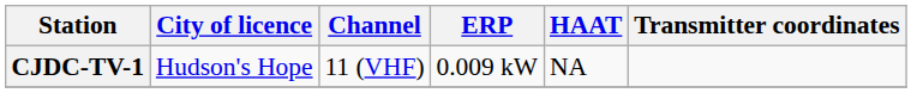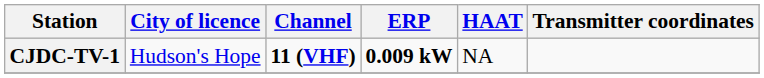 <table class="wikitable">
 <tr>
 <th scope = "col">Station</th>
 <th scope = "col"><a href='#'>City of licence</a></th>
 <th scope = "col"><a href='#'>Channel</a></th>
 <th scope = "col"><a href='#'>ERP</a></th>
 <th scope = "col"><a href='#'>HAAT</a></th>
 <th scope = "col">Transmitter coordinates</th>
 </tr>
 <tr style="vertical-align: top; text-align: left;">
 <th scope = "row">CJDC-TV-1</th>
 <td><a href='#'>Hudson's Hope</a></td>
-<td>11 (<a href='#'>VHF</a>)</td>
-<td>0.009 kW</td>
+<td><strong>11 (<a href='#'>VHF</a>)</strong></td>
+<td><strong>0.009 kW</strong></td>
 <td>NA</td>
 <td></td>
 </tr>
 <tr>
 </tr>
 </table>
